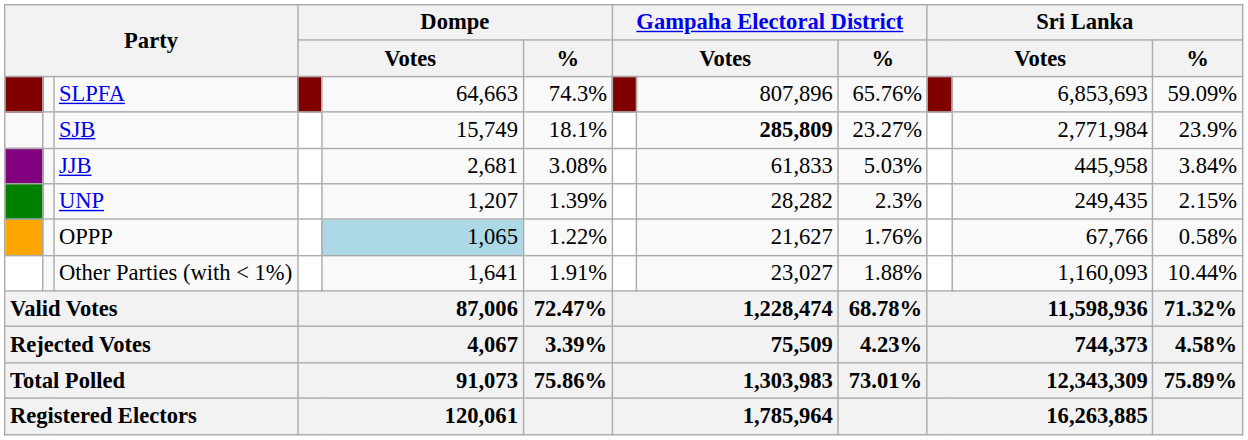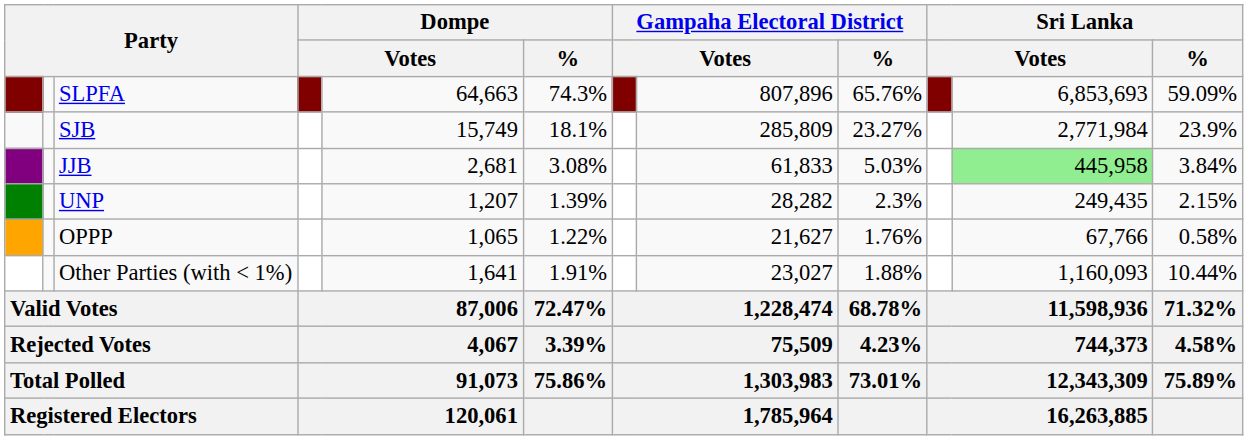 <table class="wikitable">
 <tr>
 <th colspan="3" width="144px"rowspan="2">Party</th>
 <th colspan="3" width="216px">Dompe</th>
 <th colspan="3" width="216px"><a href='#'>Gampaha Electoral District</a></th>
 <th colspan="3" width="216px">Sri Lanka</th>
 </tr>
 <tr>
 <th colspan="2" width="144px">Votes</th>
 <th>%</th>
 <th colspan="2" width="144px">Votes</th>
 <th>%</th>
 <th colspan="2" width="144px">Votes</th>
 <th>%</th>
 </tr>
 <tr>
 <td style="background-color:maroon;" width="20px"></td>
 <td></td>
 <td style="text-align:left;"><a href='#'>SLPFA</a></td>
 <td style="background-color:maroon;" width="10px"></td>
 <td style="text-align:right;">64,663</td>
 <td style="text-align:right;">74.3%</td>
 <td style="background-color:maroon;" width="10px"></td>
 <td style="text-align:right;">807,896</td>
 <td style="text-align:right;">65.76%</td>
 <td style="background-color:maroon;" width="10px"></td>
 <td style="text-align:right;">6,853,693</td>
 <td style="text-align:right;">59.09%</td>
 </tr>
 <tr>
 <td style="background-color:"></td>
 <td></td>
 <td style="text-align:left;"><a href='#'>SJB</a></td>
 <td style="background-color:white;" width="10px"></td>
 <td style="text-align:right;">15,749</td>
 <td style="text-align:right;">18.1%</td>
 <td style="background-color:white;" width="10px"></td>
-<td style="text-align:right;"><strong>285,809</strong></td>
+<td style="text-align:right;">285,809</td>
 <td style="text-align:right;">23.27%</td>
 <td style="background-color:white;" width="10px"></td>
 <td style="text-align:right;">2,771,984</td>
 <td style="text-align:right;">23.9%</td>
 </tr>
 <tr>
 <td style="background-color:purple;" width="20px"></td>
 <td></td>
 <td style="text-align:left;"><a href='#'>JJB</a></td>
 <td style="background-color:white;" width="10px"></td>
 <td style="text-align:right;">2,681</td>
 <td style="text-align:right;">3.08%</td>
 <td style="background-color:white;" width="10px"></td>
 <td style="text-align:right;">61,833</td>
 <td style="text-align:right;">5.03%</td>
 <td style="background-color:white;" width="10px"></td>
-<td style="text-align:right;">445,958</td>
+<td style="background: lightgreen; text-align:right;">445,958</td>
 <td style="text-align:right;">3.84%</td>
 </tr>
 <tr>
 <td style="background-color:green;" width="20px"></td>
 <td></td>
 <td style="text-align:left;"><a href='#'>UNP</a></td>
 <td style="background-color:white;" width="10px"></td>
 <td style="text-align:right;">1,207</td>
 <td style="text-align:right;">1.39%</td>
 <td style="background-color:white;" width="10px"></td>
 <td style="text-align:right;">28,282</td>
 <td style="text-align:right;">2.3%</td>
 <td style="background-color:white;" width="10px"></td>
 <td style="text-align:right;">249,435</td>
 <td style="text-align:right;">2.15%</td>
 </tr>
 <tr>
 <td style="background-color:orange;" width="20px"></td>
 <td></td>
 <td style="text-align:left;">OPPP</td>
 <td style="background-color:white;" width="10px"></td>
-<td style="background: lightblue; text-align:right;">1,065</td>
+<td style="text-align:right;">1,065</td>
 <td style="text-align:right;">1.22%</td>
 <td style="background-color:white;" width="10px"></td>
 <td style="text-align:right;">21,627</td>
 <td style="text-align:right;">1.76%</td>
 <td style="background-color:white;" width="10px"></td>
 <td style="text-align:right;">67,766</td>
 <td style="text-align:right;">0.58%</td>
 </tr>
 <tr>
 <td style="background-color:white;" width="20px"></td>
 <td></td>
 <td style="text-align:left;">Other Parties (with < 1%)</td>
 <td style="background-color:white;" width="10px"></td>
 <td style="text-align:right;">1,641</td>
 <td style="text-align:right;">1.91%</td>
 <td style="background-color:white;" width="10px"></td>
 <td style="text-align:right;">23,027</td>
 <td style="text-align:right;">1.88%</td>
 <td style="background-color:white;" width="10px"></td>
 <td style="text-align:right;">1,160,093</td>
 <td style="text-align:right;">10.44%</td>
 </tr>
 <tr>
 <th colspan="3" width="144px"style="text-align:left;">Valid Votes</th>
 <th style="text-align:right;"colspan="2" width="144px">87,006</th>
 <th style="text-align:right;">72.47%</th>
 <th style="text-align:right;"colspan="2" width="144px">1,228,474</th>
 <th style="text-align:right;">68.78%</th>
 <th style="text-align:right;"colspan="2" width="144px">11,598,936</th>
 <th style="text-align:right;">71.32%</th>
 </tr>
 <tr>
 <th colspan="3" width="144px"style="text-align:left;">Rejected Votes</th>
 <th style="text-align:right;"colspan="2" width="144px">4,067</th>
 <th style="text-align:right;">3.39%</th>
 <th style="text-align:right;"colspan="2" width="144px">75,509</th>
 <th style="text-align:right;">4.23%</th>
 <th style="text-align:right;"colspan="2" width="144px">744,373</th>
 <th style="text-align:right;">4.58%</th>
 </tr>
 <tr>
 <th colspan="3" width="144px"style="text-align:left;">Total Polled</th>
 <th style="text-align:right;"colspan="2" width="144px">91,073</th>
 <th style="text-align:right;">75.86%</th>
 <th style="text-align:right;"colspan="2" width="144px">1,303,983</th>
 <th style="text-align:right;">73.01%</th>
 <th style="text-align:right;"colspan="2" width="144px">12,343,309</th>
 <th style="text-align:right;">75.89%</th>
 </tr>
 <tr>
 <th colspan="3" width="144px"style="text-align:left;">Registered Electors</th>
 <th style="text-align:right;"colspan="2" width="144px">120,061</th>
 <th></th>
 <th style="text-align:right;"colspan="2" width="144px">1,785,964</th>
 <th></th>
 <th style="text-align:right;"colspan="2" width="144px">16,263,885</th>
 <th></th>
 </tr>
 </table>
